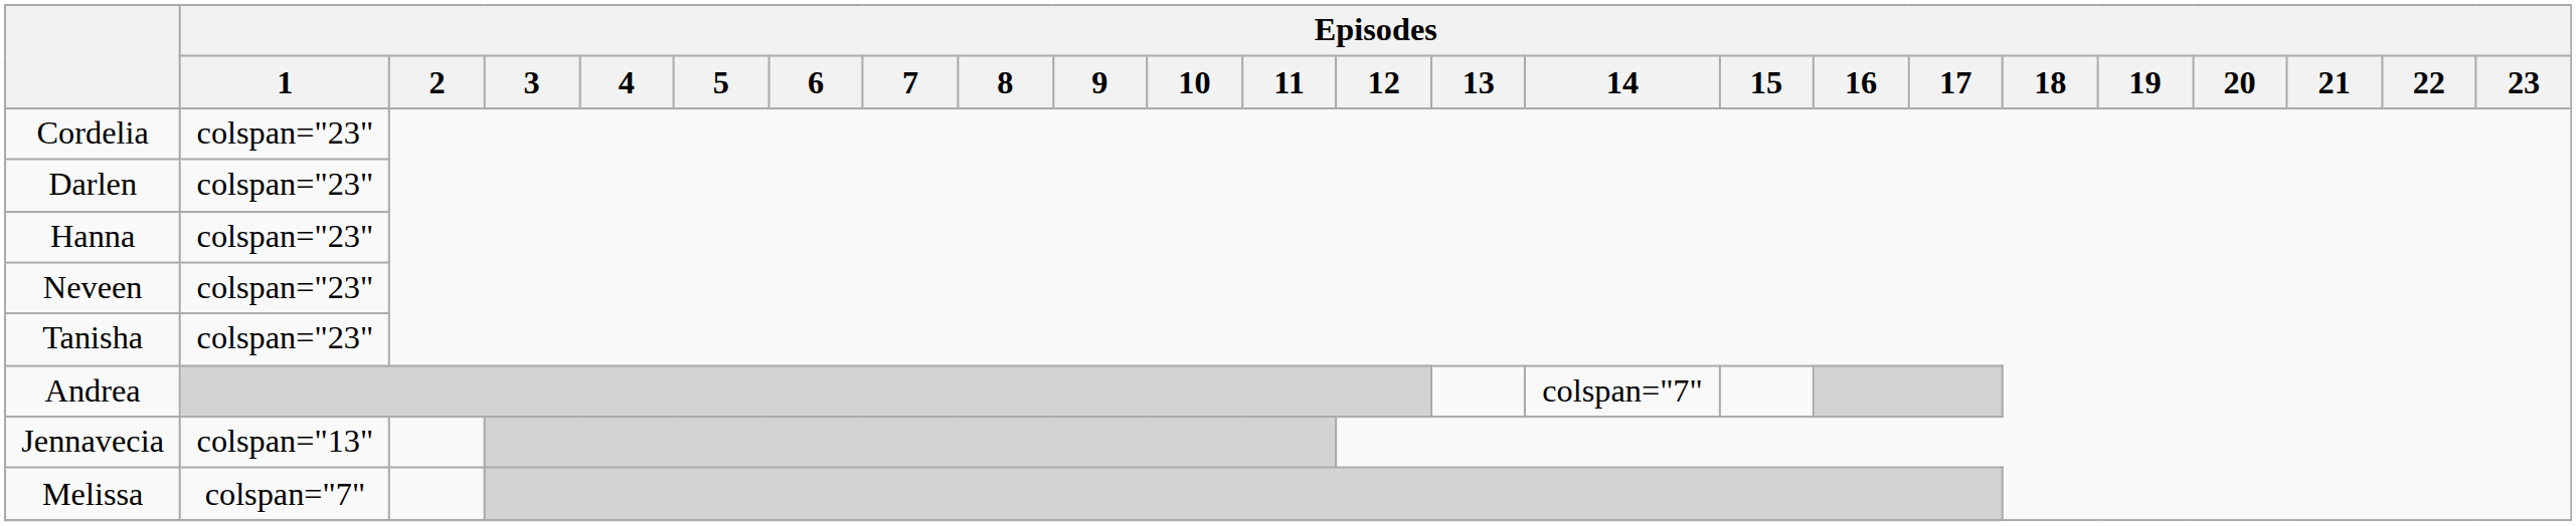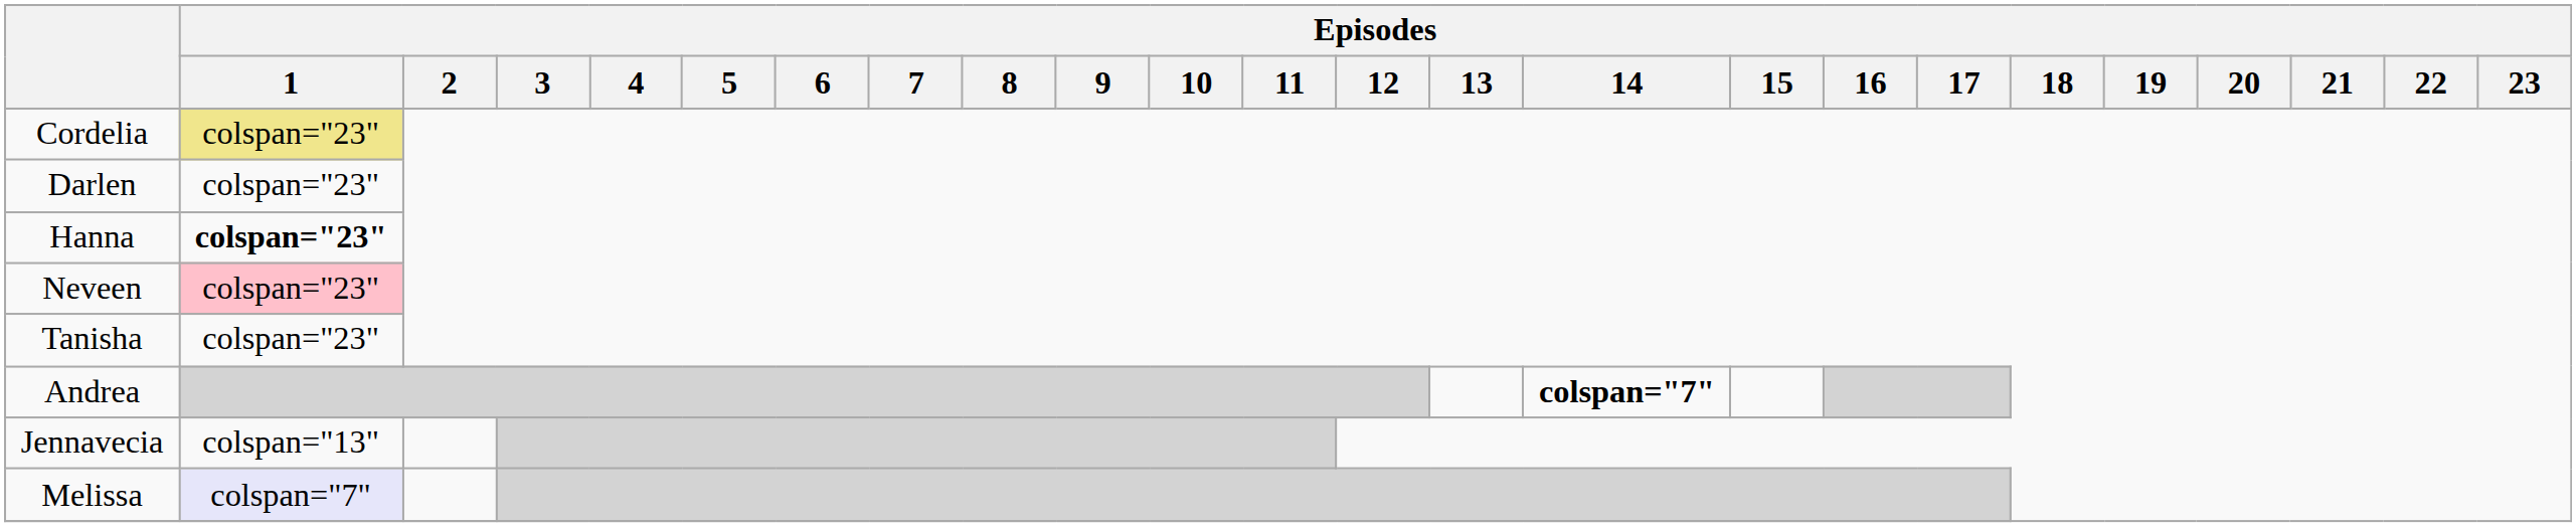 <table class="wikitable plainrowheaders" style="text-align:center; width:100%;">
 <tr>
 <th scope="col" rowspan="2" style="width:3%;"></th>
 <th scope="col" colspan="23">Episodes</th>
 </tr>
 <tr>
 <th scope="col" style="width:3%;">1</th>
 <th scope="col" style="width:3%;">2</th>
 <th scope="col" style="width:3%;">3</th>
 <th scope="col" style="width:3%;">4</th>
 <th scope="col" style="width:3%;">5</th>
 <th scope="col" style="width:3%;">6</th>
 <th scope="col" style="width:3%;">7</th>
 <th scope="col" style="width:3%;">8</th>
 <th scope="col" style="width:3%;">9</th>
 <th scope="col" style="width:3%;">10</th>
 <th scope="col" style="width:3%;">11</th>
 <th scope="col" style="width:3%;">12</th>
 <th scope="col" style="width:3%;">13</th>
 <th scope="col" style="width:3%;">14</th>
 <th scope="col" style="width:3%;">15</th>
 <th scope="col" style="width:3%;">16</th>
 <th scope="col" style="width:3%;">17</th>
 <th scope="col" style="width:3%;">18</th>
 <th scope="col" style="width:3%;">19</th>
 <th scope="col" style="width:3%;">20</th>
 <th scope="col" style="width:3%;">21</th>
 <th scope="col" style="width:3%;">22</th>
 <th scope="col" style="width:3%;">23</th>
 </tr>
 <tr>
 <td scope="row">Cordelia</td>
-<td>colspan="23" </td>
+<td style="background: khaki;">colspan="23" </td>
 </tr>
 <tr>
 <td scope="row">Darlen</td>
 <td>colspan="23" </td>
 </tr>
 <tr>
 <td scope="row">Hanna</td>
-<td>colspan="23" </td>
+<td><strong>colspan="23" </strong></td>
 </tr>
 <tr>
 <td scope="row">Neveen</td>
-<td>colspan="23" </td>
+<td style="background: pink;">colspan="23" </td>
 </tr>
 <tr>
 <td scope="row">Tanisha</td>
 <td>colspan="23" </td>
 </tr>
 <tr>
 <td scope="row">Andrea</td>
 <td style="background:lightgrey;" colspan="12"></td>
 <td></td>
-<td>colspan="7" </td>
+<td><strong>colspan="7" </strong></td>
 <td></td>
 <td style="background:lightgrey;" colspan="2"></td>
 </tr>
 <tr>
 <td scope="row">Jennavecia</td>
 <td>colspan="13" </td>
 <td></td>
 <td style="background:lightgrey;" colspan="9"></td>
 </tr>
 <tr>
 <td scope="row">Melissa</td>
-<td>colspan="7" </td>
+<td style="background: lavender;">colspan="7" </td>
 <td></td>
 <td style="background:lightgrey;" colspan="15"></td>
 </tr>
 <tr>
 </tr>
 </table>
